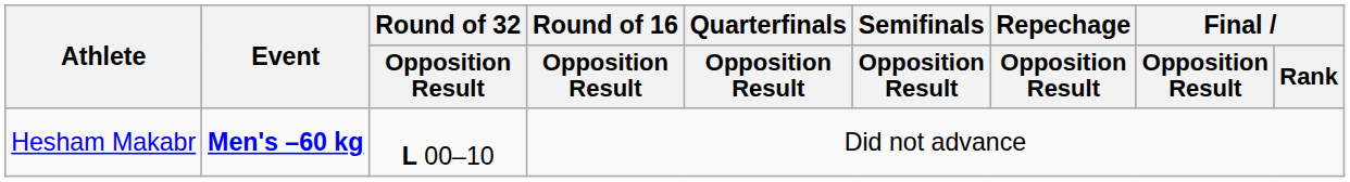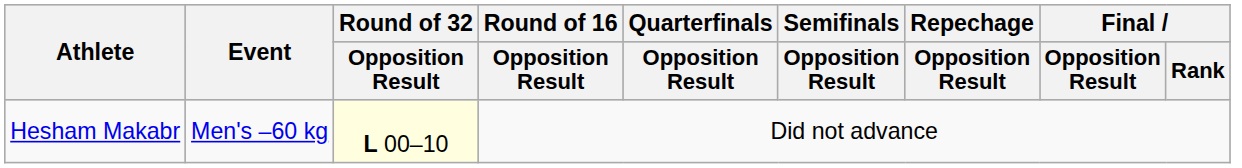 <table class="wikitable" style="font-size:90%">
 <tr>
 <th rowspan="2">Athlete</th>
 <th rowspan="2">Event</th>
 <th>Round of 32</th>
 <th>Round of 16</th>
 <th>Quarterfinals</th>
 <th>Semifinals</th>
 <th>Repechage</th>
 <th colspan=2>Final / </th>
 </tr>
 <tr style="font-size:95%">
 <th>Opposition<br>Result</th>
 <th>Opposition<br>Result</th>
 <th>Opposition<br>Result</th>
 <th>Opposition<br>Result</th>
 <th>Opposition<br>Result</th>
 <th>Opposition<br>Result</th>
 <th>Rank</th>
 </tr>
 <tr align=center>
 <td align=left><a href='#'>Hesham Makabr</a></td>
-<td align=left><strong><a href='#'>Men's –60 kg</a></strong></td>
-<td><br><strong>L</strong> 00–10</td>
+<td align=left><a href='#'>Men's –60 kg</a></td>
+<td style="background: lightyellow;"><br><strong>L</strong> 00–10</td>
 <td colspan=6>Did not advance</td>
 </tr>
 </table>
